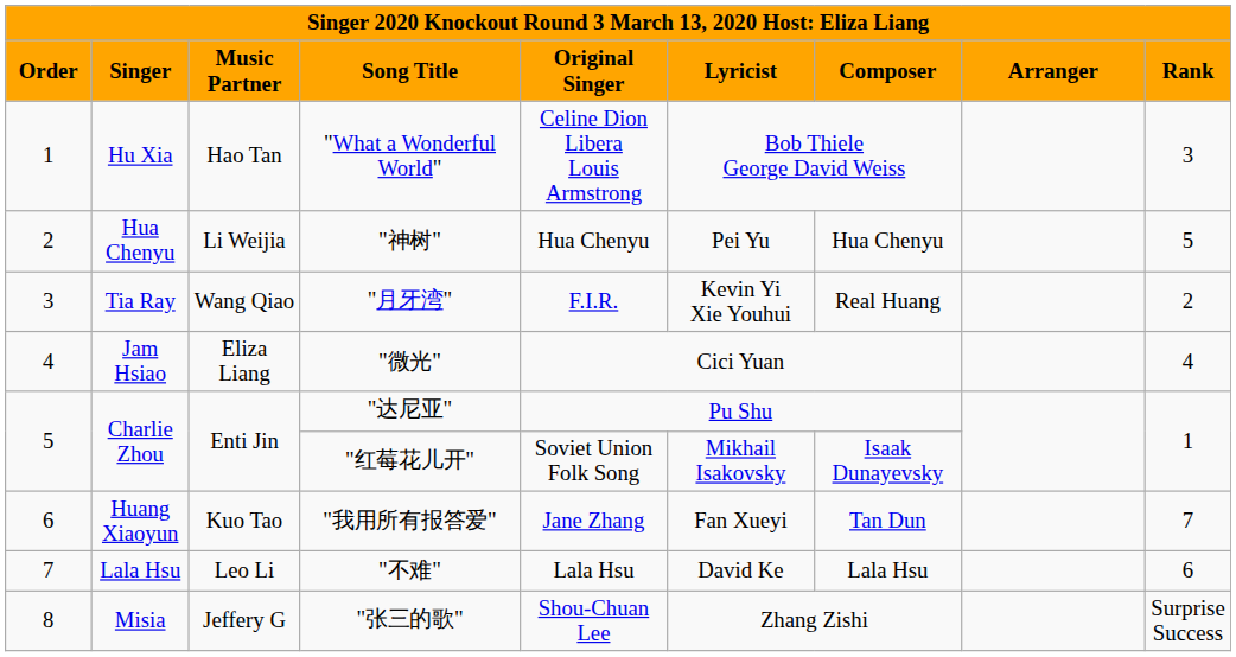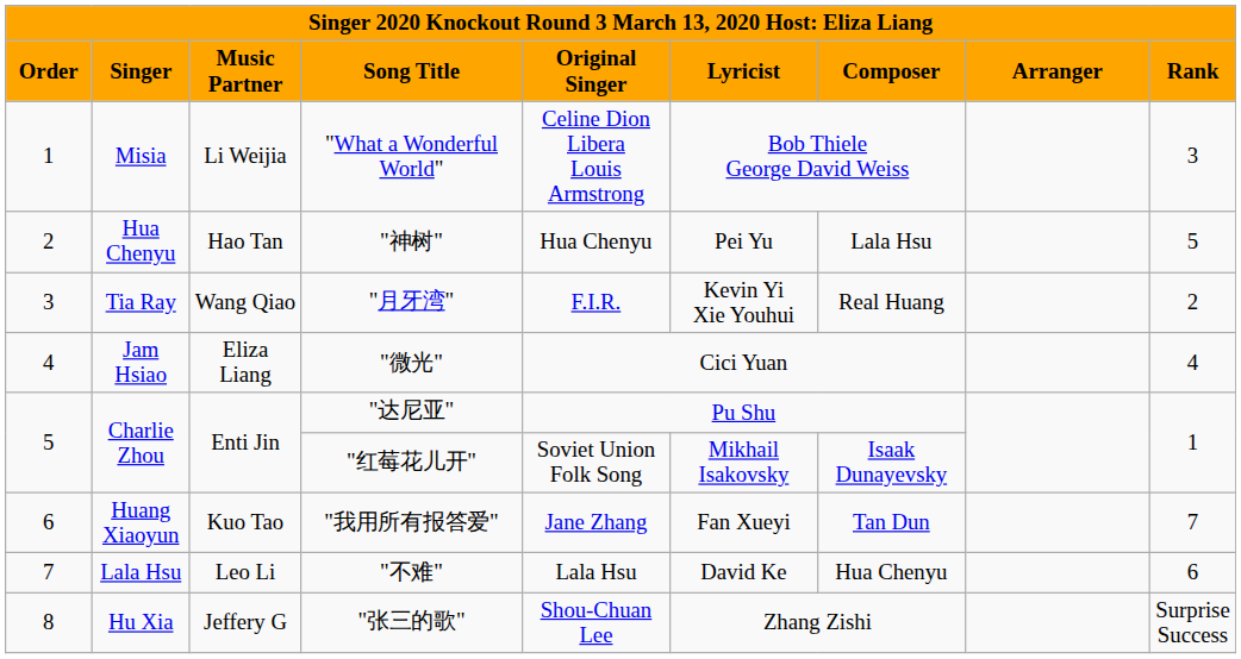 <table class="wikitable sortable mw-collapsible" width="100%" style="text-align:center">
 <tr align=center style="background:orange">
 <td colspan="9"><div><strong>Singer 2020 Knockout Round 3 March 13, 2020 Host: Eliza Liang</strong></div></td>
 </tr>
 <tr style="background:orange">
 <td style="width:7%"><strong>Order</strong></td>
 <td style="width:8%"><strong>Singer</strong></td>
 <td style="width:9%"><strong>Music Partner</strong></td>
 <td style="width:18%"><strong>Song Title</strong></td>
 <td style="width:12%"><strong>Original Singer</strong></td>
 <td style="width:12% "><strong>Lyricist</strong></td>
 <td style="width:12%"><strong>Composer</strong></td>
 <td style="width:15%"><strong>Arranger</strong></td>
 <td style="width:7%"><strong>Rank</strong></td>
 </tr>
 <tr>
 <td>1</td>
-<td><a href='#'>Hu Xia</a></td>
-<td>Hao Tan</td>
+<td><a href='#'>Misia</a></td>
+<td>Li Weijia</td>
 <td>"<a href='#'>What a Wonderful World</a>"</td>
 <td><a href='#'>Celine Dion</a><br><a href='#'>Libera</a><br><a href='#'>Louis Armstrong</a></td>
 <td colspan=2><a href='#'>Bob Thiele</a><br><a href='#'>George David Weiss</a></td>
 <td></td>
 <td>3</td>
 </tr>
 <tr>
 <td>2</td>
 <td><a href='#'>Hua Chenyu</a></td>
-<td>Li Weijia</td>
+<td>Hao Tan</td>
 <td>"神树"</td>
 <td>Hua Chenyu</td>
 <td>Pei Yu</td>
-<td>Hua Chenyu</td>
+<td>Lala Hsu</td>
 <td></td>
 <td>5</td>
 </tr>
 <tr>
 <td>3</td>
 <td><a href='#'>Tia Ray</a></td>
 <td>Wang Qiao</td>
 <td>"<a href='#'>月牙湾</a>"</td>
 <td><a href='#'>F.I.R.</a></td>
 <td>Kevin Yi<br>Xie Youhui</td>
 <td>Real Huang</td>
 <td></td>
 <td>2</td>
 </tr>
 <tr>
 <td>4</td>
 <td><a href='#'>Jam Hsiao</a></td>
 <td>Eliza Liang</td>
 <td>"微光"</td>
 <td colspan=3>Cici Yuan</td>
 <td></td>
 <td>4</td>
 </tr>
 <tr>
 <td rowspan=2>5</td>
 <td rowspan=2><a href='#'>Charlie Zhou</a></td>
 <td rowspan=2>Enti Jin</td>
 <td>"达尼亚"</td>
 <td colspan=3><a href='#'>Pu Shu</a></td>
 <td rowspan=2></td>
 <td rowspan=2>1</td>
 </tr>
 <tr>
 <td>"红莓花儿开"</td>
 <td>Soviet Union Folk Song</td>
 <td><a href='#'>Mikhail Isakovsky</a></td>
 <td><a href='#'>Isaak Dunayevsky</a></td>
 </tr>
 <tr>
 <td>6</td>
 <td><a href='#'>Huang Xiaoyun</a></td>
 <td>Kuo Tao</td>
 <td>"我用所有报答爱"</td>
 <td><a href='#'>Jane Zhang</a></td>
 <td>Fan Xueyi</td>
 <td><a href='#'>Tan Dun</a></td>
 <td></td>
 <td>7</td>
 </tr>
 <tr>
 <td>7</td>
 <td><a href='#'>Lala Hsu</a></td>
 <td>Leo Li</td>
 <td>"不难"</td>
 <td>Lala Hsu</td>
 <td>David Ke</td>
-<td>Lala Hsu</td>
+<td>Hua Chenyu</td>
 <td></td>
 <td>6</td>
 </tr>
 <tr>
 <td>8</td>
-<td><a href='#'>Misia</a></td>
+<td><a href='#'>Hu Xia</a></td>
 <td>Jeffery G</td>
 <td>"张三的歌"</td>
 <td><a href='#'>Shou-Chuan Lee</a></td>
 <td colspan=2>Zhang Zishi</td>
 <td></td>
 <td>Surprise Success</td>
 </tr>
 </table>
